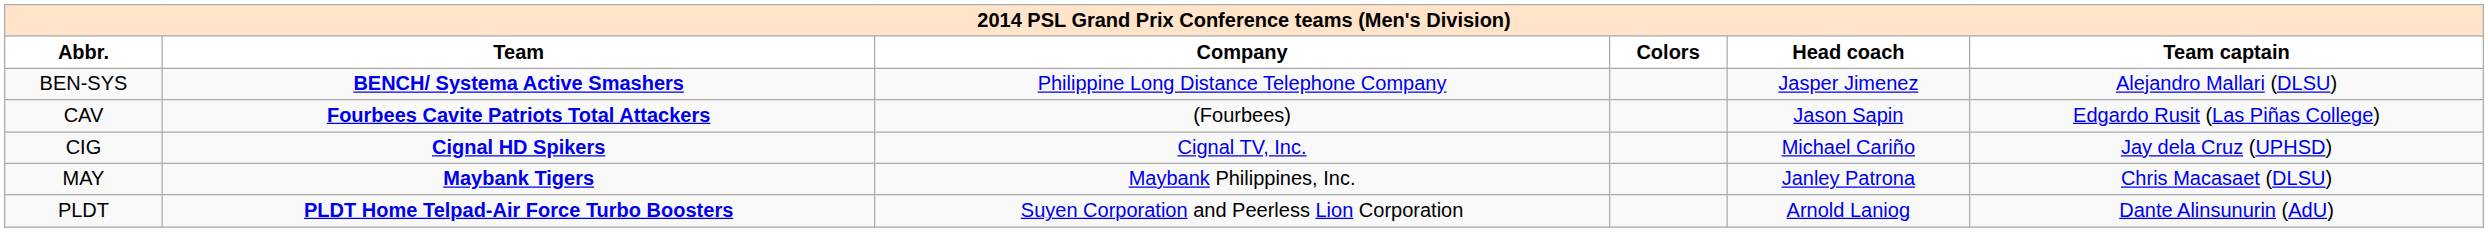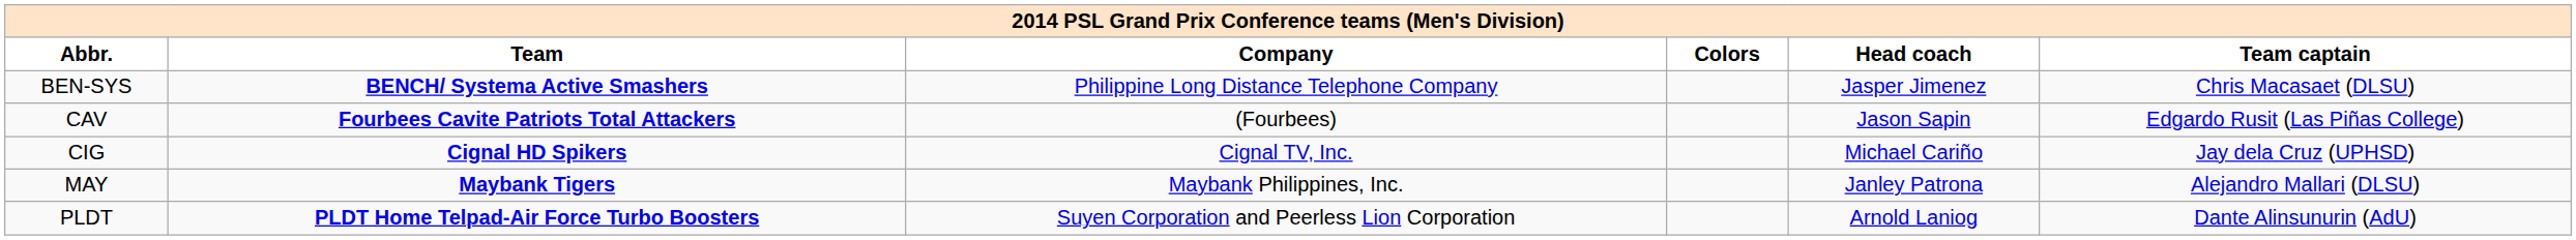 <table class="wikitable" style="width:100%; text-align:left">
 <tr>
 <th style=background:#FFE4C9 colspan=6><span>2014 PSL Grand Prix Conference teams (Men's Division)</span></th>
 </tr>
 <tr>
 <th style="background:white">Abbr.</th>
 <th style="background:white">Team</th>
 <th style="background:white">Company</th>
 <th style="background:white">Colors</th>
 <th style="background:white">Head coach</th>
 <th style="background:white">Team captain</th>
 </tr>
 <tr>
 <td align=center>BEN-SYS</td>
 <td align=center><strong><a href='#'>BENCH/ Systema Active Smashers</a></strong></td>
 <td align=center><a href='#'>Philippine Long Distance Telephone Company</a></td>
 <td align=center>  </td>
 <td align=center><a href='#'>Jasper Jimenez</a></td>
-<td align=center><a href='#'>Alejandro Mallari</a> (<a href='#'>DLSU</a>)</td>
+<td align=center><a href='#'>Chris Macasaet</a> (<a href='#'>DLSU</a>)</td>
 </tr>
 <tr>
 <td align=center>CAV</td>
 <td align=center><strong><a href='#'>Fourbees Cavite Patriots Total Attackers</a></strong></td>
 <td align=center>(Fourbees)</td>
 <td align=center>  </td>
 <td align=center><a href='#'>Jason Sapin</a></td>
 <td align=center><a href='#'>Edgardo Rusit</a> (<a href='#'>Las Piñas College</a>)</td>
 </tr>
 <tr>
 <td align=center>CIG</td>
 <td align=center><strong><a href='#'>Cignal HD Spikers</a></strong></td>
 <td align=center><a href='#'>Cignal TV, Inc.</a></td>
 <td align=center> </td>
 <td align=center><a href='#'>Michael Cariño</a></td>
 <td align=center><a href='#'>Jay dela Cruz</a> (<a href='#'>UPHSD</a>)</td>
 </tr>
 <tr>
 <td align=center>MAY</td>
 <td align=center><strong><a href='#'>Maybank Tigers</a></strong></td>
 <td align=center><a href='#'>Maybank</a> Philippines, Inc.</td>
 <td align=center> </td>
 <td align=center><a href='#'>Janley Patrona</a></td>
-<td align=center><a href='#'>Chris Macasaet</a> (<a href='#'>DLSU</a>)</td>
+<td align=center><a href='#'>Alejandro Mallari</a> (<a href='#'>DLSU</a>)</td>
 </tr>
 <tr>
 <td align=center>PLDT</td>
 <td align=center><strong><a href='#'>PLDT Home Telpad-Air Force Turbo Boosters</a></strong></td>
 <td align=center><a href='#'>Suyen Corporation</a> and Peerless <a href='#'>Lion</a> Corporation</td>
 <td align=center>  </td>
 <td align=center><a href='#'>Arnold Laniog</a></td>
 <td align=center><a href='#'>Dante Alinsunurin</a> (<a href='#'>AdU</a>)</td>
 </tr>
 </table>
